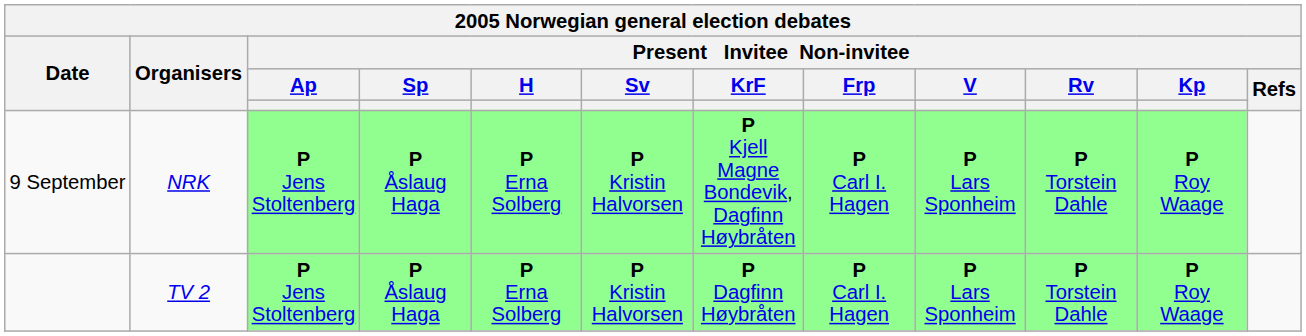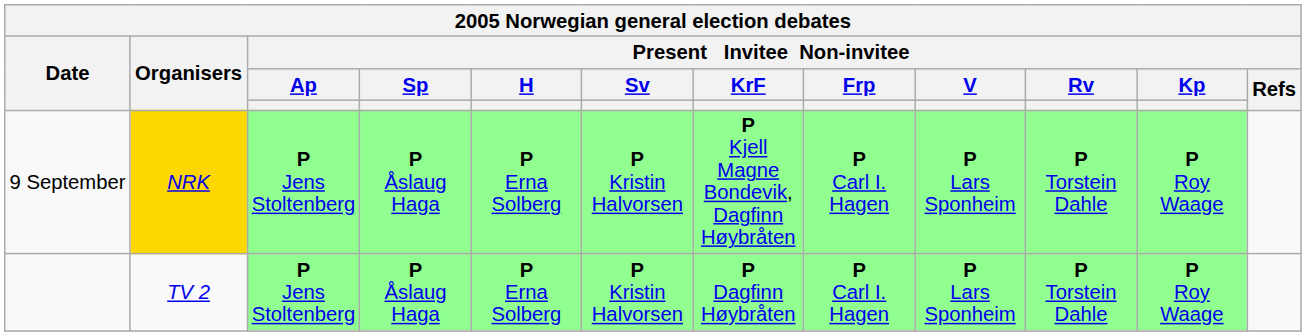 <table class="wikitable" style="font-size:85%; line-height:15px; text-align:center;">
 <tr>
 <th colspan="13">2005 Norwegian general election debates</th>
 </tr>
 <tr>
 <th rowspan="3">Date</th>
 <th rowspan="3">Organisers</th>
 <th colspan="10"> Present    Invitee  Non-invitee </th>
 </tr>
 <tr>
 <th scope="col" style="width:5em;"><a href='#'>Ap</a></th>
 <th scope="col" style="width:5em;"><a href='#'>Sp</a></th>
 <th scope="col" style="width:5em;"><a href='#'>H</a></th>
 <th scope="col" style="width:5em;"><a href='#'>Sv</a></th>
 <th scope="col" style="width:5em;"><a href='#'>KrF</a></th>
 <th scope="col" style="width:5em;"><a href='#'>Frp</a></th>
 <th scope="col" style="width:5em;"><a href='#'>V</a></th>
 <th scope="col" style="width:5em;"><a href='#'>Rv</a></th>
 <th scope="col" style="width:5em;"><a href='#'>Kp</a></th>
 <th rowspan="2">Refs</th>
 </tr>
 <tr>
 <th style="background:"></th>
 <th style="background:"></th>
 <th style="background:"></th>
 <th style="background:"></th>
 <th style="background:"></th>
 <th style="background:"></th>
 <th style="background:"></th>
 <th style="background:"></th>
 <th style="background:"></th>
 </tr>
 <tr>
 <td>9 September</td>
-<td><em><a href='#'>NRK</a></em></td>
+<td style="background: gold;"><em><a href='#'>NRK</a></em></td>
 <td style="background:#90FF90"><strong>P</strong><br><a href='#'>Jens Stoltenberg</a></td>
 <td style="background:#90FF90"><strong>P</strong><br><a href='#'>Åslaug Haga</a></td>
 <td style="background:#90FF90"><strong>P</strong><br><a href='#'>Erna Solberg</a></td>
 <td style="background:#90FF90"><strong>P</strong><br><a href='#'>Kristin Halvorsen</a></td>
 <td style="background:#90FF90"><strong>P</strong><br><a href='#'>Kjell Magne Bondevik</a>, <a href='#'>Dagfinn Høybråten</a></td>
 <td style="background:#90FF90"><strong>P</strong><br><a href='#'>Carl I. Hagen</a></td>
 <td style="background:#90FF90"><strong>P</strong><br><a href='#'>Lars Sponheim</a></td>
 <td style="background:#90FF90"><strong>P</strong><br><a href='#'>Torstein Dahle</a></td>
 <td style="background:#90FF90"><strong>P</strong><br><a href='#'>Roy Waage</a></td>
 <td></td>
 </tr>
 <tr>
 <td></td>
 <td><em><a href='#'>TV 2</a></em></td>
 <td style="background:#90FF90"><strong>P</strong><br><a href='#'>Jens Stoltenberg</a></td>
 <td style="background:#90FF90"><strong>P</strong><br><a href='#'>Åslaug Haga</a></td>
 <td style="background:#90FF90"><strong>P</strong><br><a href='#'>Erna Solberg</a></td>
 <td style="background:#90FF90"><strong>P</strong><br><a href='#'>Kristin Halvorsen</a></td>
 <td style="background:#90FF90"><strong>P</strong><br><a href='#'>Dagfinn Høybråten</a></td>
 <td style="background:#90FF90"><strong>P</strong><br><a href='#'>Carl I. Hagen</a></td>
 <td style="background:#90FF90"><strong>P</strong><br><a href='#'>Lars Sponheim</a></td>
 <td style="background:#90FF90"><strong>P</strong><br><a href='#'>Torstein Dahle</a></td>
 <td style="background:#90FF90"><strong>P</strong><br><a href='#'>Roy Waage</a></td>
 <td></td>
 </tr>
 </table>
